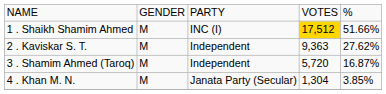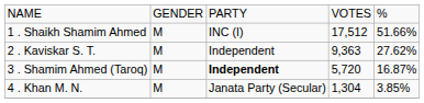 <table class="wikitable">
 <tr>
 <td>NAME</td>
 <td>GENDER</td>
 <td>PARTY</td>
 <td>VOTES</td>
 <td>%</td>
 </tr>
 <tr>
 <td>1 . Shaikh Shamim Ahmed</td>
 <td>M</td>
 <td>INC (I)</td>
-<td style="background: gold;">17,512</td>
+<td>17,512</td>
 <td>51.66%</td>
 </tr>
 <tr>
 <td>2 . Kaviskar S. T.</td>
 <td>M</td>
 <td>Independent</td>
 <td>9,363</td>
 <td>27.62%</td>
 </tr>
 <tr>
 <td>3 . Shamim Ahmed (Taroq)</td>
 <td>M</td>
-<td>Independent</td>
+<td><strong>Independent</strong></td>
 <td>5,720</td>
 <td>16.87%</td>
 </tr>
 <tr>
 <td>4 . Khan M. N.</td>
 <td>M</td>
 <td>Janata Party (Secular)</td>
 <td>1,304</td>
 <td>3.85%</td>
 </tr>
 <tr>
 </tr>
 </table>
